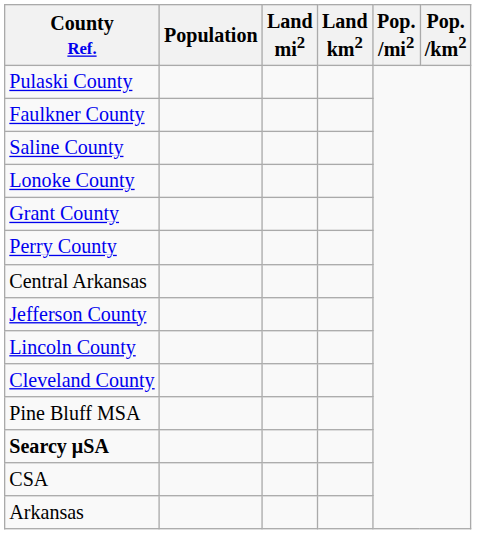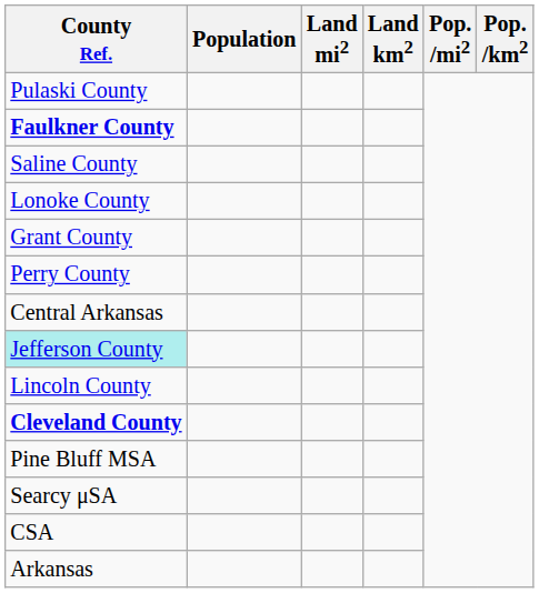 <table style="font-size:95%; text-align:right;" class="wikitable sortable">
 <tr>
 <th>County<br><small><a href='#'>Ref.</a></small></th>
 <th>Population</th>
 <th>Land<br>mi<sup>2</sup></th>
 <th>Land<br>km<sup>2</sup></th>
 <th>Pop.<br>/mi<sup>2</sup></th>
 <th>Pop.<br>/km<sup>2</sup></th>
 </tr>
 <tr>
 <td align=left><a href='#'>Pulaski County</a></td>
 <td></td>
 <td></td>
 <td></td>
 </tr>
 <tr>
-<td align=left><a href='#'>Faulkner County</a></td>
+<td align=left><strong><a href='#'>Faulkner County</a></strong></td>
 <td></td>
 <td></td>
 <td></td>
 </tr>
 <tr>
 <td align=left><a href='#'>Saline County</a></td>
 <td></td>
 <td></td>
 <td></td>
 </tr>
 <tr>
 <td align=left><a href='#'>Lonoke County</a></td>
 <td></td>
 <td></td>
 <td></td>
 </tr>
 <tr>
 <td align=left><a href='#'>Grant County</a></td>
 <td></td>
 <td></td>
 <td></td>
 </tr>
 <tr>
 <td align=left><a href='#'>Perry County</a></td>
 <td></td>
 <td></td>
 <td></td>
 </tr>
 <tr>
 <td align=left>Central Arkansas</td>
 <td></td>
 <td></td>
 <td></td>
 </tr>
 <tr>
-<td align=left><a href='#'>Jefferson County</a></td>
+<td align=left style="background: paleturquoise;"><a href='#'>Jefferson County</a></td>
 <td></td>
 <td></td>
 <td></td>
 </tr>
 <tr>
 <td align=left><a href='#'>Lincoln County</a></td>
 <td></td>
 <td></td>
 <td></td>
 </tr>
 <tr>
-<td align=left><a href='#'>Cleveland County</a></td>
+<td align=left><strong><a href='#'>Cleveland County</a></strong></td>
 <td></td>
 <td></td>
 <td></td>
 </tr>
 <tr>
 <td align=left>Pine Bluff MSA</td>
 <td></td>
 <td></td>
 <td></td>
 </tr>
 <tr>
-<td align=left><strong>Searcy μSA</strong></td>
+<td align=left>Searcy μSA</td>
 <td></td>
 <td></td>
 <td></td>
 </tr>
 <tr>
 <td align=left>CSA</td>
 <td></td>
 <td></td>
 <td></td>
 </tr>
 <tr>
 <td align=left>Arkansas</td>
 <td></td>
 <td></td>
 <td></td>
 </tr>
 </table>
